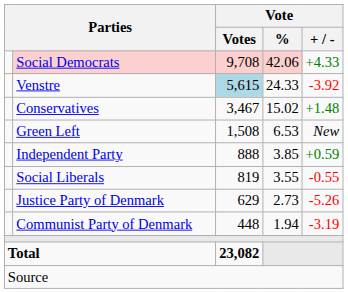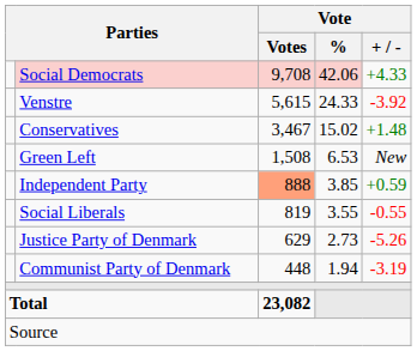 <table class="wikitable" style="text-align:right;">
 <tr>
 <th style="text-align:centre;" rowspan="2" colspan="2" width="225">Parties</th>
 <th colspan="3">Vote</th>
 </tr>
 <tr>
 <th width="15">Votes</th>
 <th width="15">%</th>
 <th width="15">+ / -</th>
 </tr>
 <tr>
 <td width="2" style="color:inherit;background:"></td>
 <td bgcolor=#fbd0ce  align="left"><a href='#'>Social Democrats</a></td>
 <td bgcolor=#fbd0ce>9,708</td>
 <td bgcolor=#fbd0ce>42.06</td>
 <td style=color:green;>+4.33</td>
 </tr>
 <tr>
 <td width="2" style="color:inherit;background:"></td>
 <td align="left"><a href='#'>Venstre</a></td>
-<td style="background: lightblue;">5,615</td>
+<td>5,615</td>
 <td>24.33</td>
 <td style=color:red;>-3.92</td>
 </tr>
 <tr>
 <td width="2" style="color:inherit;background:"></td>
 <td align="left"><a href='#'>Conservatives</a></td>
 <td>3,467</td>
 <td>15.02</td>
 <td style=color:green;>+1.48</td>
 </tr>
 <tr>
 <td width="2" style="color:inherit;background:"></td>
 <td align="left"><a href='#'>Green Left</a></td>
 <td>1,508</td>
 <td>6.53</td>
 <td><em>New</em></td>
 </tr>
 <tr>
 <td width="2" style="color:inherit;background:"></td>
 <td align="left"><a href='#'>Independent Party</a></td>
-<td>888</td>
+<td style="background: lightsalmon;">888</td>
 <td>3.85</td>
 <td style=color:green;>+0.59</td>
 </tr>
 <tr>
 <td width="2" style="color:inherit;background:"></td>
 <td align="left"><a href='#'>Social Liberals</a></td>
 <td>819</td>
 <td>3.55</td>
 <td style=color:red;>-0.55</td>
 </tr>
 <tr>
 <td width="2" style="color:inherit;background:"></td>
 <td align="left"><a href='#'>Justice Party of Denmark</a></td>
 <td>629</td>
 <td>2.73</td>
 <td style=color:red;>-5.26</td>
 </tr>
 <tr>
 <td width="2" style="color:inherit;background:"></td>
 <td align="left"><a href='#'>Communist Party of Denmark</a></td>
 <td>448</td>
 <td>1.94</td>
 <td style=color:red;>-3.19</td>
 </tr>
 <tr>
 <td colspan="7" bgcolor="#E9E9E9"></td>
 </tr>
 <tr>
 <td align="left" colspan="2"><strong>Total</strong></td>
 <td><strong>23,082</strong></td>
 <td bgcolor="#E9E9E9" colspan="2"></td>
 </tr>
 <tr>
 <td align="left" colspan="6">Source</td>
 </tr>
 </table>
